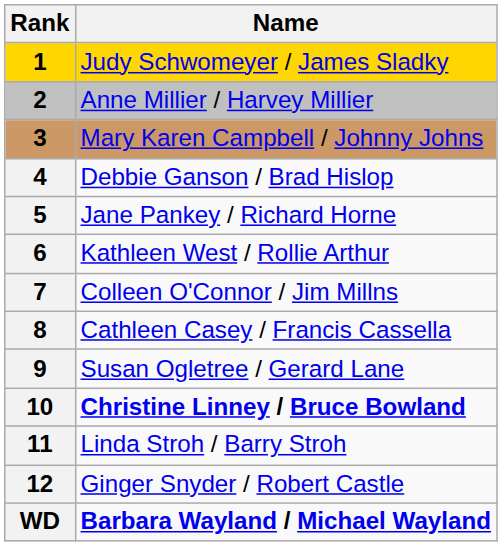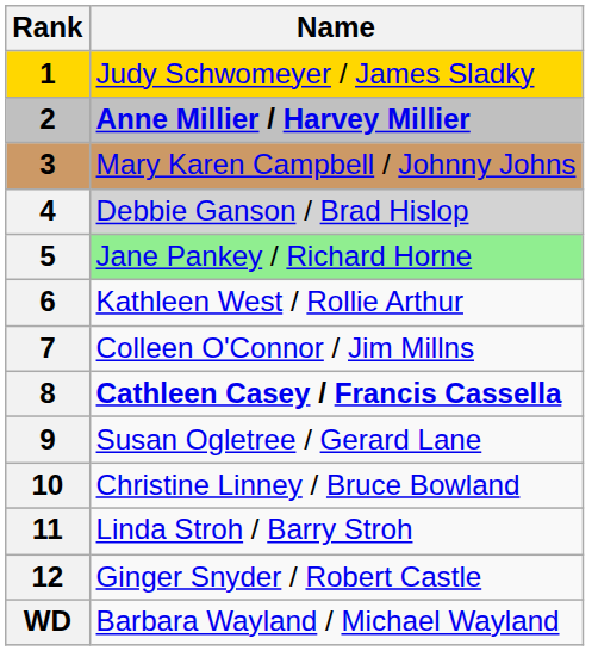 <table class="wikitable">
 <tr>
 <th>Rank</th>
 <th>Name</th>
 </tr>
 <tr bgcolor="gold">
 <td align="center"><strong>1</strong></td>
 <td><a href='#'>Judy Schwomeyer</a> / <a href='#'>James Sladky</a></td>
 </tr>
 <tr bgcolor="silver">
 <td align="center"><strong>2</strong></td>
-<td><a href='#'>Anne Millier</a> / <a href='#'>Harvey Millier</a></td>
+<td><strong><a href='#'>Anne Millier</a> / <a href='#'>Harvey Millier</a></strong></td>
 </tr>
 <tr bgcolor="cc9966">
 <td align="center"><strong>3</strong></td>
 <td><a href='#'>Mary Karen Campbell</a> / <a href='#'>Johnny Johns</a></td>
 </tr>
 <tr>
 <th>4</th>
-<td><a href='#'>Debbie Ganson</a> / <a href='#'>Brad Hislop</a></td>
+<td style="background: lightgrey;"><a href='#'>Debbie Ganson</a> / <a href='#'>Brad Hislop</a></td>
 </tr>
 <tr>
 <th>5</th>
-<td><a href='#'>Jane Pankey</a> / <a href='#'>Richard Horne</a></td>
+<td style="background: lightgreen;"><a href='#'>Jane Pankey</a> / <a href='#'>Richard Horne</a></td>
 </tr>
 <tr>
 <th>6</th>
 <td><a href='#'>Kathleen West</a> / <a href='#'>Rollie Arthur</a></td>
 </tr>
 <tr>
 <th>7</th>
 <td><a href='#'>Colleen O'Connor</a> / <a href='#'>Jim Millns</a></td>
 </tr>
 <tr>
 <th>8</th>
-<td><a href='#'>Cathleen Casey</a> / <a href='#'>Francis Cassella</a></td>
+<td><strong><a href='#'>Cathleen Casey</a> / <a href='#'>Francis Cassella</a></strong></td>
 </tr>
 <tr>
 <th>9</th>
 <td><a href='#'>Susan Ogletree</a> / <a href='#'>Gerard Lane</a></td>
 </tr>
 <tr>
 <th>10</th>
-<td><strong><a href='#'>Christine Linney</a> / <a href='#'>Bruce Bowland</a></strong></td>
+<td><a href='#'>Christine Linney</a> / <a href='#'>Bruce Bowland</a></td>
 </tr>
 <tr>
 <th>11</th>
 <td><a href='#'>Linda Stroh</a> / <a href='#'>Barry Stroh</a></td>
 </tr>
 <tr>
 <th>12</th>
 <td><a href='#'>Ginger Snyder</a> / <a href='#'>Robert Castle</a></td>
 </tr>
 <tr>
 <th>WD</th>
-<td><strong><a href='#'>Barbara Wayland</a> / <a href='#'>Michael Wayland</a></strong></td>
+<td><a href='#'>Barbara Wayland</a> / <a href='#'>Michael Wayland</a></td>
 </tr>
 </table>
